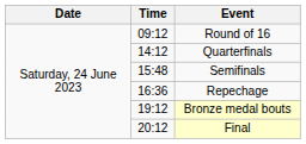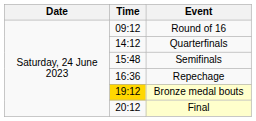 <table class = "wikitable" style="text-align:center;">
 <tr>
 <th width=160>Date</th>
 <th width=50>Time</th>
 <th width=160>Event</th>
 </tr>
 <tr>
 <td rowspan=6>Saturday, 24 June 2023</td>
 <td>09:12</td>
 <td>Round of 16</td>
 </tr>
 <tr>
 <td>14:12</td>
 <td>Quarterfinals</td>
 </tr>
 <tr>
 <td>15:48</td>
 <td>Semifinals</td>
 </tr>
 <tr>
 <td>16:36</td>
 <td>Repechage</td>
 </tr>
 <tr>
-<td>19:12</td>
+<td style="background: gold;">19:12</td>
 <td bgcolor=ffffcc>Bronze medal bouts</td>
 </tr>
 <tr>
 <td>20:12</td>
 <td bgcolor=ffffcc>Final</td>
 </tr>
 </table>
